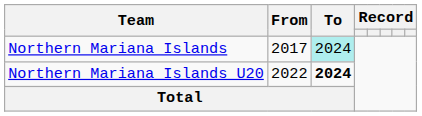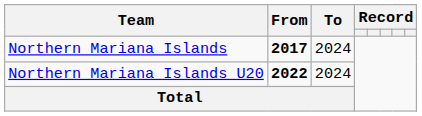 <table class=wikitable style="text-align:center">
 <tr>
 <th rowspan=2>Team</th>
 <th rowspan=2>From</th>
 <th rowspan=2>To</th>
 <th colspan=5>Record</th>
 </tr>
 <tr>
 <th></th>
 <th></th>
 <th></th>
 <th></th>
 <th></th>
 </tr>
 <tr>
 <td align=left><a href='#'>Northern Mariana Islands</a></td>
-<td align=left>2017</td>
-<td align=left style="background: paleturquoise;">2024<br></td>
+<td align=left><strong>2017</strong></td>
+<td align=left>2024<br></td>
 </tr>
 <tr>
 <td align=left><a href='#'>Northern Mariana Islands U20</a></td>
-<td align=left>2022</td>
-<td align=left><strong>2024<br></strong></td>
+<td align=left><strong>2022</strong></td>
+<td align=left>2024<br></td>
 </tr>
 <tr>
 <th colspan=3>Total<br></th>
 </tr>
 </table>
